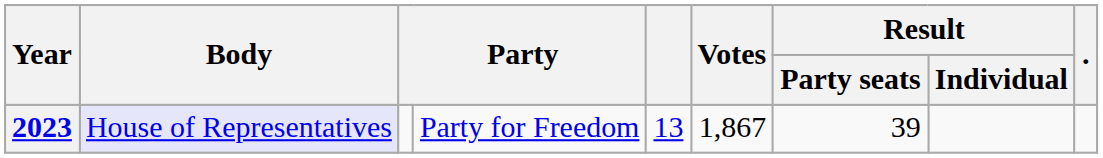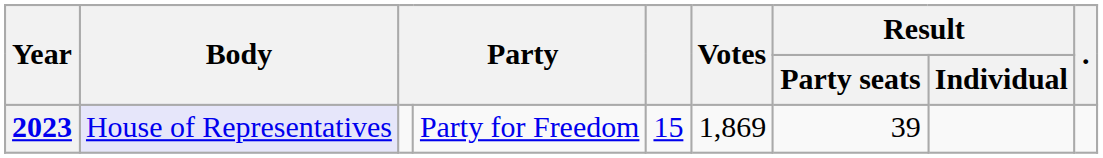 <table class="wikitable plainrowheaders sortable" border=2 cellpadding=4 cellspacing=0 style="border: 1px #aaa solid; font-size: 90%; text-align:center;">
 <tr>
 <th scope="col" rowspan=2>Year</th>
 <th scope="col" rowspan=2>Body</th>
 <th scope="col" colspan=2 rowspan=2>Party</th>
 <th scope="col" rowspan=2></th>
 <th scope="col" rowspan=2>Votes</th>
 <th scope="colgroup" colspan=2>Result</th>
 <th scope="col" rowspan=2 class="unsortable">.</th>
 </tr>
 <tr>
 <th scope="col">Party seats</th>
 <th scope="col">Individual</th>
 </tr>
 <tr>
 <th scope="row"><a href='#'>2023</a></th>
 <td style="background: lavender;"><a href='#'>House of Representatives</a></td>
 <td style="background-color:"></td>
 <td><a href='#'>Party for Freedom</a></td>
-<td style=text-align:right><a href='#'>13</a></td>
-<td style=text-align:right>1,867</td>
+<td style=text-align:right><a href='#'>15</a></td>
+<td style=text-align:right>1,869</td>
 <td style=text-align:right>39</td>
 <td></td>
 <td></td>
 </tr>
 </table>
